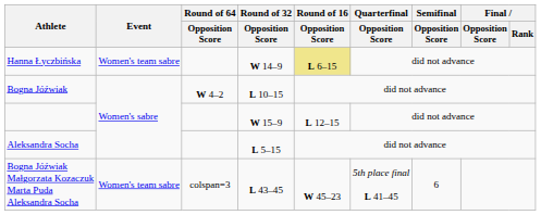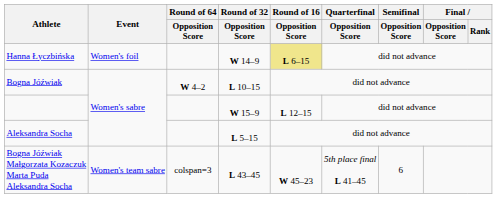 <table class="wikitable" style="font-size:90%">
 <tr>
 <th rowspan="2">Athlete</th>
 <th rowspan="2">Event</th>
 <th>Round of 64</th>
 <th>Round of 32</th>
 <th>Round of 16</th>
 <th>Quarterfinal</th>
 <th>Semifinal</th>
 <th colspan=2>Final / </th>
 </tr>
 <tr style="font-size:95%">
 <th>Opposition <br> Score</th>
 <th>Opposition <br> Score</th>
 <th>Opposition <br> Score</th>
 <th>Opposition <br> Score</th>
 <th>Opposition <br> Score</th>
 <th>Opposition <br> Score</th>
 <th>Rank</th>
 </tr>
 <tr align=center>
 <td align=left><a href='#'>Hanna Łyczbińska</a></td>
-<td align=left><a href='#'>Women's team sabre</a></td>
+<td align=left><a href='#'>Women's foil</a></td>
 <td></td>
 <td><br><strong>W</strong> 14–9</td>
 <td style="background: khaki;"><br><strong>L</strong> 6–15</td>
 <td colspan=4>did not advance</td>
 </tr>
 <tr align=center>
 <td align=left><a href='#'>Bogna Jóźwiak</a></td>
 <td align=left rowspan=3><a href='#'>Women's sabre</a></td>
 <td><br><strong>W</strong> 4–2</td>
 <td><br><strong>L</strong> 10–15</td>
 <td colspan=5>did not advance</td>
 </tr>
 <tr align=center>
 <td align=left></td>
 <td></td>
 <td><br><strong>W</strong> 15–9</td>
 <td><br><strong>L</strong> 12–15</td>
 <td colspan=4>did not advance</td>
 </tr>
 <tr align=center>
 <td align=left><a href='#'>Aleksandra Socha</a></td>
 <td></td>
 <td><br><strong>L</strong> 5–15</td>
 <td colspan=5>did not advance</td>
 </tr>
 <tr align=center>
 <td align=left><a href='#'>Bogna Jóźwiak</a><br><a href='#'>Małgorzata Kozaczuk</a><br><a href='#'>Marta Puda</a><br><a href='#'>Aleksandra Socha</a></td>
 <td align=left><a href='#'>Women's team sabre</a></td>
 <td>colspan=3 </td>
 <td><br><strong>L</strong> 43–45</td>
 <td><br><br><strong>W</strong> 45–23</td>
 <td><em>5th place final</em><br><br><strong>L</strong> 41–45</td>
 <td>6</td>
 </tr>
 </table>
